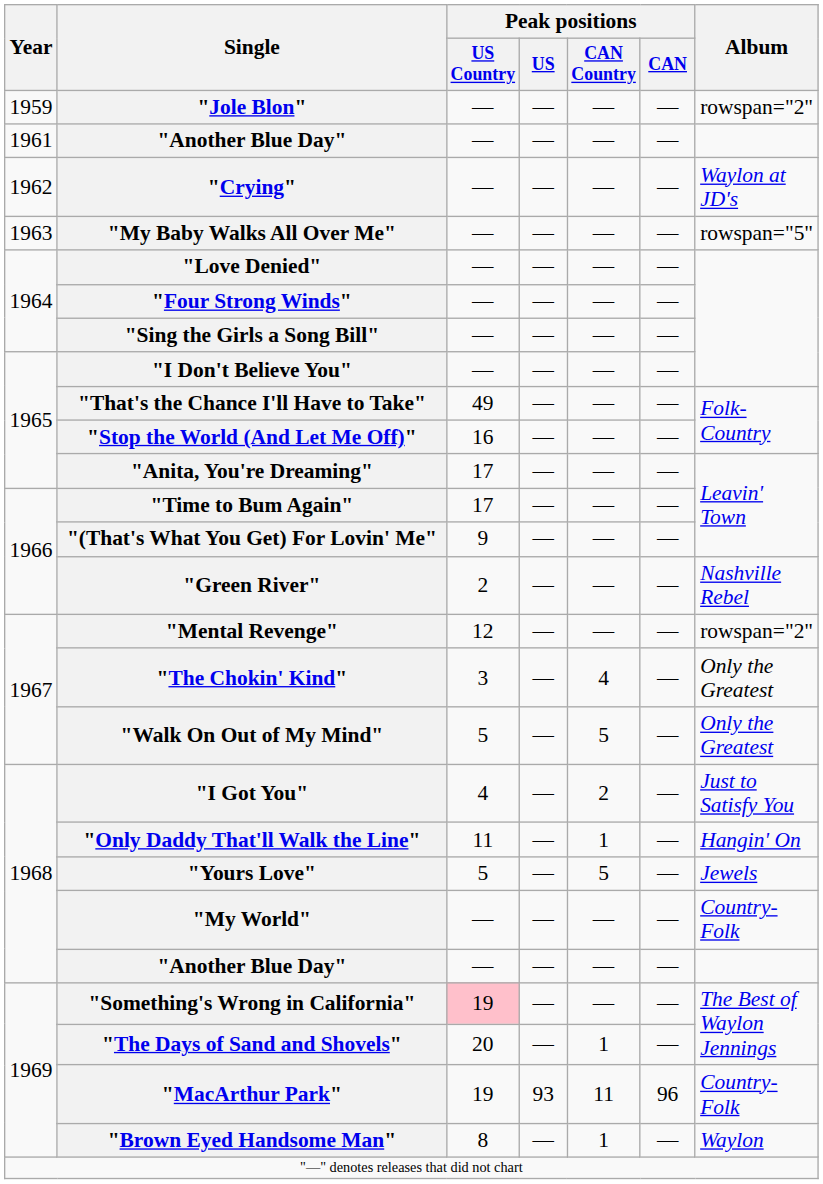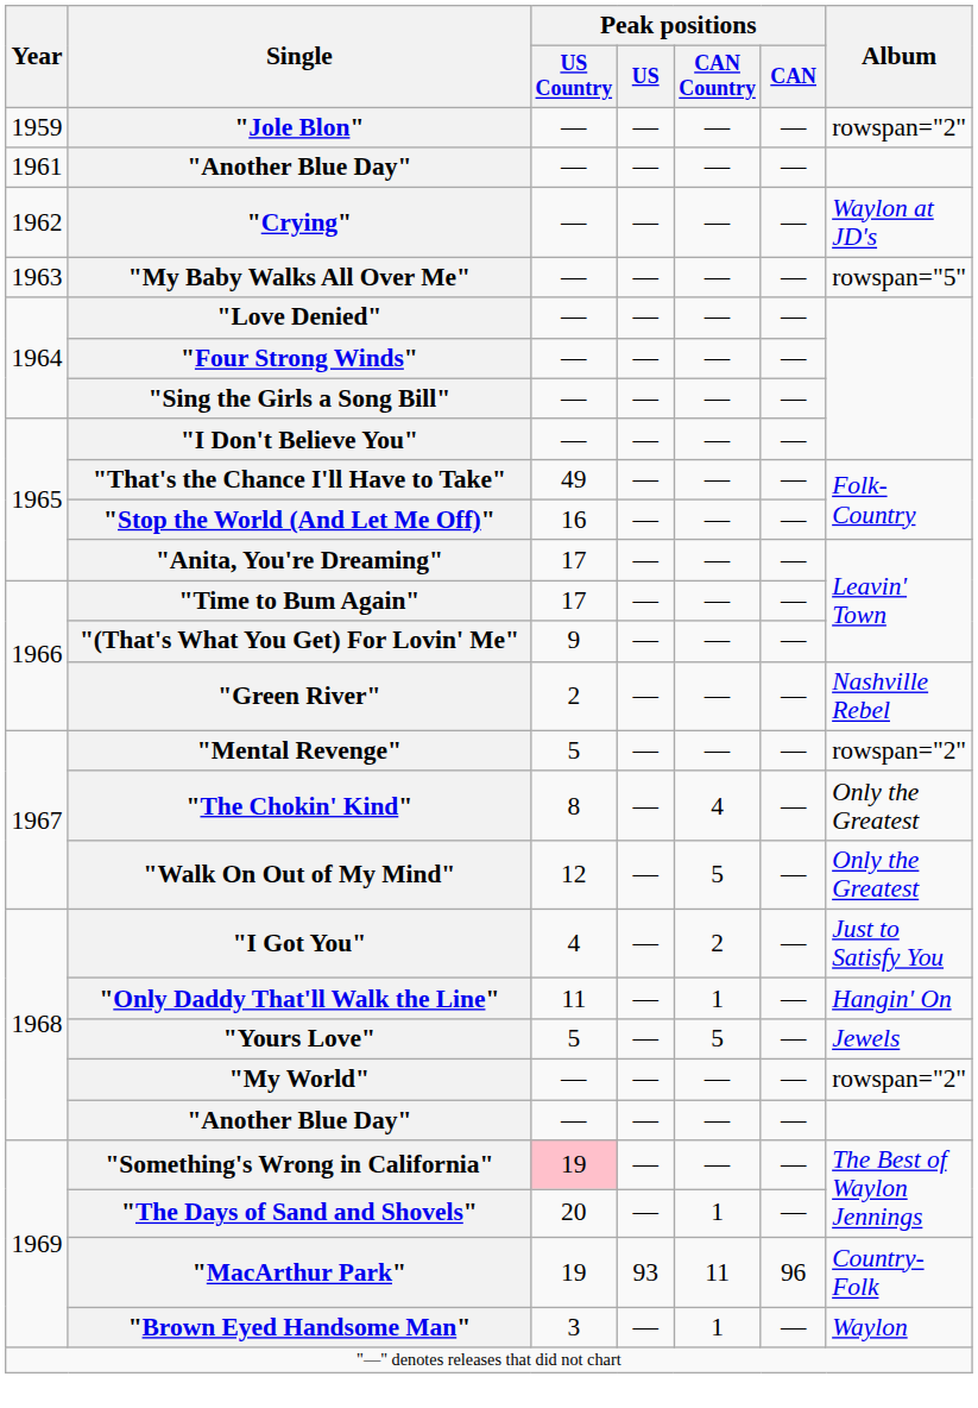 <table class="wikitable plainrowheaders" style="text-align:center;">
 <tr>
 <th rowspan="2">Year</th>
 <th rowspan="2" style="width:28em;">Single</th>
 <th colspan="4">Peak positions</th>
 <th rowspan="2">Album</th>
 </tr>
 <tr style="font-size:smaller;">
 <th width="40"><a href='#'>US Country</a><br></th>
 <th width="40"><a href='#'>US</a><br></th>
 <th width="40"><a href='#'>CAN Country</a><br></th>
 <th width="40"><a href='#'>CAN</a><br></th>
 </tr>
 <tr>
 <td>1959</td>
 <th scope="row">"<a href='#'>Jole Blon</a>"</th>
 <td>—</td>
 <td>—</td>
 <td>—</td>
 <td>—</td>
 <td>rowspan="2" </td>
 </tr>
 <tr>
 <td>1961</td>
 <th scope="row">"Another Blue Day"</th>
 <td>—</td>
 <td>—</td>
 <td>—</td>
 <td>—</td>
 </tr>
 <tr>
 <td>1962</td>
 <th scope="row">"<a href='#'>Crying</a>"</th>
 <td>—</td>
 <td>—</td>
 <td>—</td>
 <td>—</td>
 <td align="left"><em><a href='#'>Waylon at JD's</a></em></td>
 </tr>
 <tr>
 <td>1963</td>
 <th scope="row">"My Baby Walks All Over Me"</th>
 <td>—</td>
 <td>—</td>
 <td>—</td>
 <td>—</td>
 <td>rowspan="5" </td>
 </tr>
 <tr>
 <td rowspan="3">1964</td>
 <th scope="row">"Love Denied"</th>
 <td>—</td>
 <td>—</td>
 <td>—</td>
 <td>—</td>
 </tr>
 <tr>
 <th scope="row">"<a href='#'>Four Strong Winds</a>"</th>
 <td>—</td>
 <td>—</td>
 <td>—</td>
 <td>—</td>
 </tr>
 <tr>
 <th scope="row">"Sing the Girls a Song Bill"</th>
 <td>—</td>
 <td>—</td>
 <td>—</td>
 <td>—</td>
 </tr>
 <tr>
 <td rowspan="4">1965</td>
 <th scope="row">"I Don't Believe You"</th>
 <td>—</td>
 <td>—</td>
 <td>—</td>
 <td>—</td>
 </tr>
 <tr>
 <th scope="row">"That's the Chance I'll Have to Take"</th>
 <td>49</td>
 <td>—</td>
 <td>—</td>
 <td>—</td>
 <td rowspan="2" align="left"><em><a href='#'>Folk-Country</a></em></td>
 </tr>
 <tr>
 <th scope="row">"<a href='#'>Stop the World (And Let Me Off)</a>"</th>
 <td>16</td>
 <td>—</td>
 <td>—</td>
 <td>—</td>
 </tr>
 <tr>
 <th scope="row">"Anita, You're Dreaming"</th>
 <td>17</td>
 <td>—</td>
 <td>—</td>
 <td>—</td>
 <td rowspan="3" align="left"><em><a href='#'>Leavin' Town</a></em></td>
 </tr>
 <tr>
 <td rowspan="3">1966</td>
 <th scope="row">"Time to Bum Again"</th>
 <td>17</td>
 <td>—</td>
 <td>—</td>
 <td>—</td>
 </tr>
 <tr>
 <th scope="row">"(That's What You Get) For Lovin' Me"</th>
 <td>9</td>
 <td>—</td>
 <td>—</td>
 <td>—</td>
 </tr>
 <tr>
 <th scope="row">"Green River"</th>
 <td>2</td>
 <td>—</td>
 <td>—</td>
 <td>—</td>
 <td align="left"><em><a href='#'>Nashville Rebel</a></em> </td>
 </tr>
 <tr>
 <td rowspan="3">1967</td>
 <th scope="row">"Mental Revenge"</th>
-<td>12</td>
+<td>5</td>
 <td>—</td>
 <td>—</td>
 <td>—</td>
 <td>rowspan="2" </td>
 </tr>
 <tr>
 <th scope="row">"<a href='#'>The Chokin' Kind</a>"</th>
-<td>3</td>
+<td>8</td>
 <td>—</td>
 <td>4</td>
 <td>—</td>
 <td align="left"><em>Only the Greatest</em></td>
 </tr>
 <tr>
 <th scope="row">"Walk On Out of My Mind"</th>
-<td>5</td>
+<td>12</td>
 <td>—</td>
 <td>5</td>
 <td>—</td>
 <td align="left"><em><a href='#'>Only the Greatest</a></em></td>
 </tr>
 <tr>
 <td rowspan="5">1968</td>
 <th scope="row">"I Got You" </th>
 <td>4</td>
 <td>—</td>
 <td>2</td>
 <td>—</td>
 <td align="left"><em><a href='#'>Just to Satisfy You</a></em></td>
 </tr>
 <tr>
 <th scope="row">"<a href='#'>Only Daddy That'll Walk the Line</a>"</th>
 <td>11</td>
 <td>—</td>
 <td>1</td>
 <td>—</td>
 <td align="left"><em><a href='#'>Hangin' On</a></em></td>
 </tr>
 <tr>
 <th scope="row">"Yours Love"</th>
 <td>5</td>
 <td>—</td>
 <td>5</td>
 <td>—</td>
 <td align="left"><em><a href='#'>Jewels</a></em></td>
 </tr>
 <tr>
 <th scope="row">"My World"</th>
 <td>—</td>
 <td>—</td>
 <td>—</td>
 <td>—</td>
-<td align="left"><em><a href='#'>Country-Folk</a></em></td>
+<td>rowspan="2" </td>
 </tr>
 <tr>
 <th scope="row">"Another Blue Day"</th>
 <td>—</td>
 <td>—</td>
 <td>—</td>
 <td>—</td>
 </tr>
 <tr>
 <td rowspan="4">1969</td>
 <th scope="row">"Something's Wrong in California"</th>
 <td style="background: pink;">19</td>
 <td>—</td>
 <td>—</td>
 <td>—</td>
 <td rowspan="2" align="left"><em><a href='#'>The Best of Waylon Jennings</a></em></td>
 </tr>
 <tr>
 <th scope="row">"<a href='#'>The Days of Sand and Shovels</a>"</th>
 <td>20</td>
 <td>—</td>
 <td>1</td>
 <td>—</td>
 </tr>
 <tr>
 <th scope="row">"<a href='#'>MacArthur Park</a>" </th>
 <td>19</td>
 <td>93</td>
 <td>11</td>
 <td>96</td>
 <td align="left"><em><a href='#'>Country-Folk</a></em></td>
 </tr>
 <tr>
 <th scope="row">"<a href='#'>Brown Eyed Handsome Man</a>"</th>
-<td>8</td>
+<td>3</td>
 <td>—</td>
 <td>1</td>
 <td>—</td>
 <td align="left"><em><a href='#'>Waylon</a></em></td>
 </tr>
 <tr>
 <td colspan="7" style="font-size:8pt">"—" denotes releases that did not chart</td>
 </tr>
 </table>
